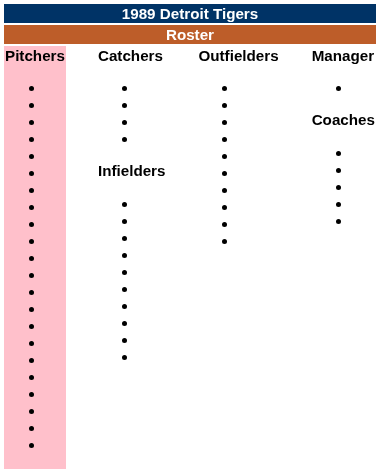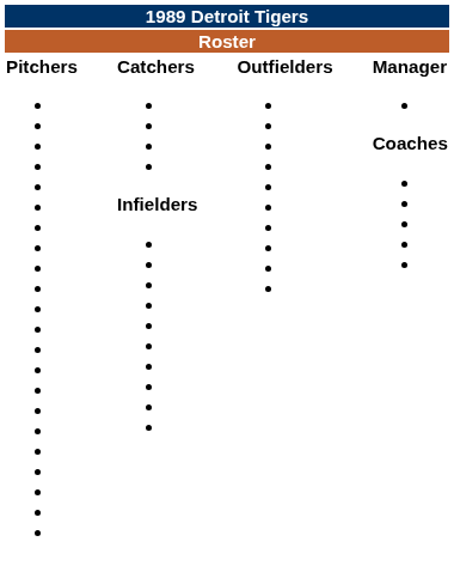 <table class="toccolours" style="font-size: 95%;">
 <tr>
 <th colspan="10" style="background-color: #003366; color: white; text-align: center;">1989 Detroit Tigers</th>
 </tr>
 <tr>
 <td colspan="10" style="background-color: #bd5d29; color: white; text-align: center;"><strong>Roster</strong></td>
 </tr>
 <tr>
-<td valign="top" style="background: pink;"><strong>Pitchers</strong><br><ul><li></li><li></li><li></li><li></li><li></li><li></li><li></li><li></li><li></li><li></li><li></li><li></li><li></li><li></li><li></li><li></li><li></li><li></li><li></li><li></li><li></li><li></li></ul></td>
+<td valign="top"><strong>Pitchers</strong><br><ul><li></li><li></li><li></li><li></li><li></li><li></li><li></li><li></li><li></li><li></li><li></li><li></li><li></li><li></li><li></li><li></li><li></li><li></li><li></li><li></li><li></li><li></li></ul></td>
 <td width="25px"></td>
 <td valign="top"><strong>Catchers</strong><br><ul><li></li><li></li><li></li><li></li></ul><strong>Infielders</strong><ul><li></li><li></li><li></li><li></li><li></li><li></li><li></li><li></li><li></li><li></li></ul></td>
 <td width="25px"></td>
 <td valign="top"><strong>Outfielders</strong><br><ul><li></li><li></li><li></li><li></li><li></li><li></li><li></li><li></li><li></li><li></li></ul></td>
 <td width="25px"></td>
 <td valign="top"><strong>Manager</strong><br><ul><li></li></ul><strong>Coaches</strong><ul><li></li><li></li><li></li><li></li><li></li></ul></td>
 </tr>
 <tr>
 </tr>
 </table>
